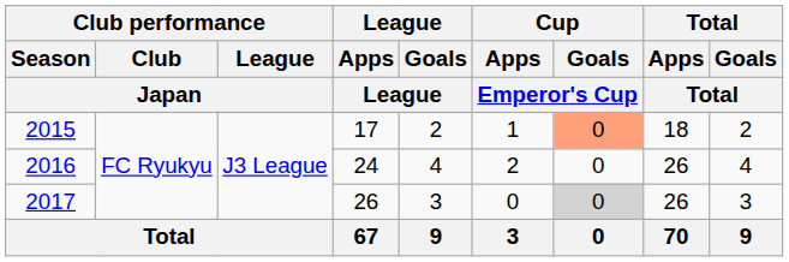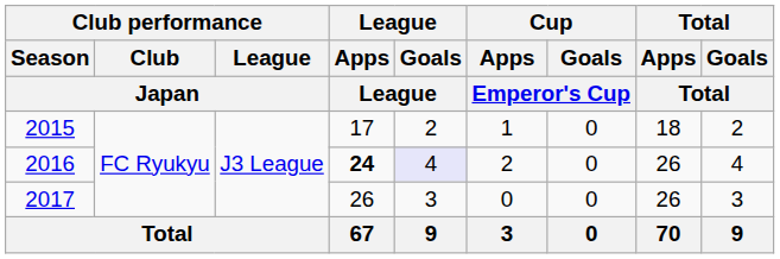 <table class="wikitable" style="text-align:center;">
 <tr>
 <th colspan=3>Club performance</th>
 <th colspan=2>League</th>
 <th colspan=2>Cup</th>
 <th colspan=2>Total</th>
 </tr>
 <tr>
 <th>Season</th>
 <th>Club</th>
 <th>League</th>
 <th>Apps</th>
 <th>Goals</th>
 <th>Apps</th>
 <th>Goals</th>
 <th>Apps</th>
 <th>Goals</th>
 </tr>
 <tr>
 <th colspan=3>Japan</th>
 <th colspan=2>League</th>
 <th colspan=2><a href='#'>Emperor's Cup</a></th>
 <th colspan=2>Total</th>
 </tr>
 <tr>
 <td><a href='#'>2015</a></td>
 <td rowspan="3"><a href='#'>FC Ryukyu</a></td>
 <td rowspan="3"><a href='#'>J3 League</a></td>
 <td>17</td>
 <td>2</td>
 <td>1</td>
-<td style="background: lightsalmon;">0</td>
+<td>0</td>
 <td>18</td>
 <td>2</td>
 </tr>
 <tr>
 <td><a href='#'>2016</a></td>
-<td>24</td>
-<td>4</td>
+<td><strong>24</strong></td>
+<td style="background: lavender;">4</td>
 <td>2</td>
 <td>0</td>
 <td>26</td>
 <td>4</td>
 </tr>
 <tr>
 <td><a href='#'>2017</a></td>
 <td>26</td>
 <td>3</td>
 <td>0</td>
-<td style="background: lightgrey;">0</td>
+<td>0</td>
 <td>26</td>
 <td>3</td>
 </tr>
 <tr>
 <th colspan=3>Total</th>
 <th>67</th>
 <th>9</th>
 <th>3</th>
 <th>0</th>
 <th>70</th>
 <th>9</th>
 </tr>
 </table>
